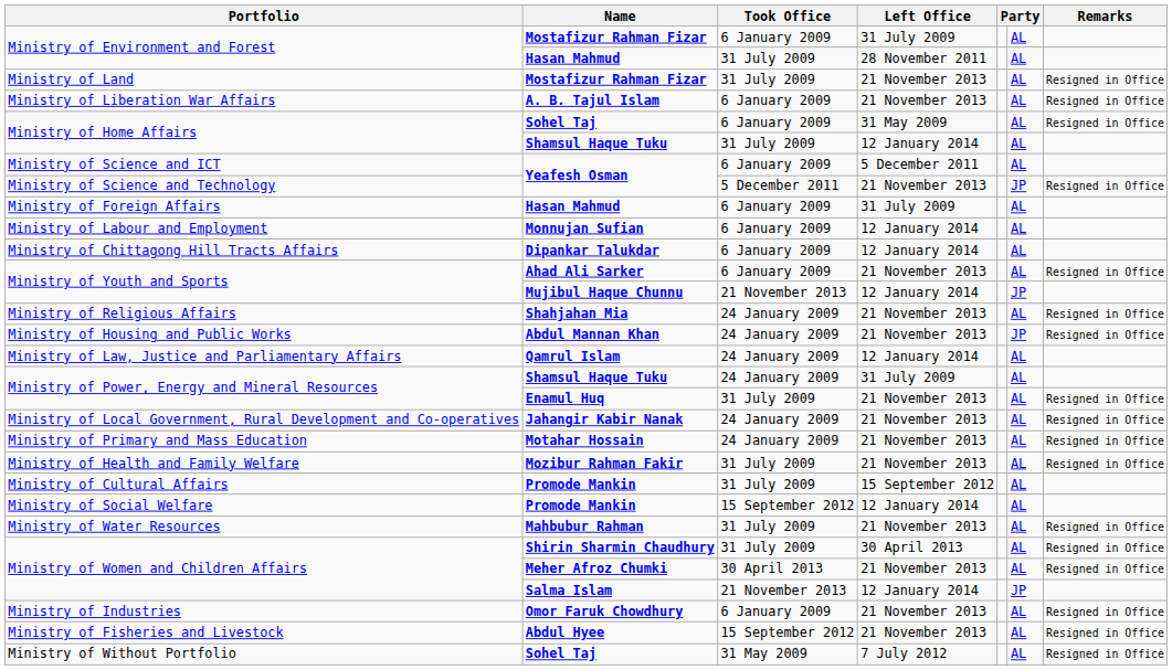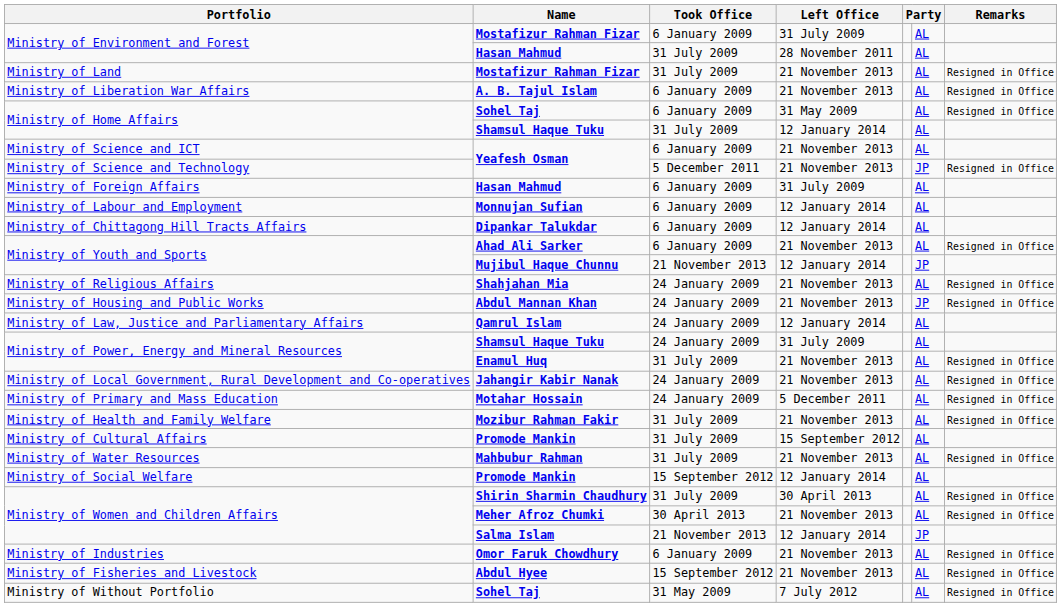 <table class="wikitable sortable">
 <tr>
 <th>Portfolio</th>
 <th>Name</th>
 <th>Took Office</th>
 <th>Left Office</th>
 <th colspan="2">Party</th>
 <th>Remarks</th>
 </tr>
 <tr>
 <td rowspan="2"><a href='#'>Ministry of Environment and Forest</a></td>
 <td><a href='#'><strong>Mostafizur Rahman Fizar</strong></a></td>
 <td>6 January 2009</td>
 <td>31 July 2009</td>
 <td style="background-color:"></td>
 <td><a href='#'>AL</a></td>
 <td></td>
 </tr>
 <tr>
 <td><a href='#'><strong>Hasan Mahmud</strong></a></td>
 <td>31 July 2009</td>
 <td>28 November 2011</td>
 <td style="background-color:"></td>
 <td><a href='#'>AL</a></td>
 <td></td>
 </tr>
 <tr>
 <td><a href='#'>Ministry of Land</a></td>
 <td><a href='#'><strong>Mostafizur Rahman Fizar</strong></a></td>
 <td>31 July 2009</td>
 <td>21 November 2013</td>
 <td style="background-color:"></td>
 <td><a href='#'>AL</a></td>
 <td><small>Resigned in Office</small></td>
 </tr>
 <tr>
 <td><a href='#'>Ministry of Liberation War Affairs</a></td>
 <td><strong><a href='#'>A. B. Tajul Islam</a></strong></td>
 <td>6 January 2009</td>
 <td>21 November 2013</td>
 <td style="background-color:"></td>
 <td><a href='#'>AL</a></td>
 <td><small>Resigned in Office</small></td>
 </tr>
 <tr>
 <td rowspan="2"><a href='#'>Ministry of Home Affairs</a></td>
 <td><strong><a href='#'>Sohel Taj</a></strong></td>
 <td>6 January 2009</td>
 <td>31 May 2009</td>
 <td style="background-color:"></td>
 <td><a href='#'>AL</a></td>
 <td><small>Resigned in Office</small></td>
 </tr>
 <tr>
 <td><a href='#'><strong>Shamsul Haque Tuku</strong></a></td>
 <td>31 July 2009</td>
 <td>12 January 2014</td>
 <td style="background-color:"></td>
 <td><a href='#'>AL</a></td>
 <td></td>
 </tr>
 <tr>
 <td><a href='#'>Ministry of Science and ICT</a></td>
 <td rowspan="2"><strong><a href='#'>Yeafesh Osman</a></strong></td>
 <td>6 January 2009</td>
-<td>5 December 2011</td>
+<td>21 November 2013</td>
 <td style="background-color:"></td>
 <td><a href='#'>AL</a></td>
 <td></td>
 </tr>
 <tr>
 <td><a href='#'>Ministry of Science and Technology</a></td>
 <td>5 December 2011</td>
 <td>21 November 2013</td>
 <td style="background-color:"></td>
 <td><a href='#'>JP</a></td>
 <td><small>Resigned in Office</small></td>
 </tr>
 <tr>
 <td><a href='#'>Ministry of Foreign Affairs</a></td>
 <td><a href='#'><strong>Hasan Mahmud</strong></a></td>
 <td>6 January 2009</td>
 <td>31 July 2009</td>
 <td style="background-color:"></td>
 <td><a href='#'>AL</a></td>
 <td></td>
 </tr>
 <tr>
 <td><a href='#'>Ministry of Labour and Employment</a></td>
 <td><strong><a href='#'>Monnujan Sufian</a></strong></td>
 <td>6 January 2009</td>
 <td>12 January 2014</td>
 <td style="background-color:"></td>
 <td><a href='#'>AL</a></td>
 <td></td>
 </tr>
 <tr>
 <td><a href='#'>Ministry of Chittagong Hill Tracts Affairs</a></td>
 <td><strong><a href='#'>Dipankar Talukdar</a></strong></td>
 <td>6 January 2009</td>
 <td>12 January 2014</td>
 <td style="background-color:"></td>
 <td><a href='#'>AL</a></td>
 <td></td>
 </tr>
 <tr>
 <td rowspan="2"><a href='#'>Ministry of Youth and Sports</a></td>
 <td><strong><a href='#'>Ahad Ali Sarker</a></strong></td>
 <td>6 January 2009</td>
 <td>21 November 2013</td>
 <td style="background-color:"></td>
 <td><a href='#'>AL</a></td>
 <td><small>Resigned in Office</small></td>
 </tr>
 <tr>
 <td><a href='#'><strong>Mujibul Haque Chunnu</strong></a></td>
 <td>21 November 2013</td>
 <td>12 January 2014</td>
 <td style="background-color:"></td>
 <td><a href='#'>JP</a></td>
 <td></td>
 </tr>
 <tr>
 <td><a href='#'>Ministry of Religious Affairs</a></td>
 <td><strong><a href='#'>Shahjahan Mia</a></strong></td>
 <td>24 January 2009</td>
 <td>21 November 2013</td>
 <td style="background-color:"></td>
 <td><a href='#'>AL</a></td>
 <td><small>Resigned in Office</small></td>
 </tr>
 <tr>
 <td><a href='#'>Ministry of Housing and Public Works</a></td>
 <td><strong><a href='#'>Abdul Mannan Khan</a></strong></td>
 <td>24 January 2009</td>
 <td>21 November 2013</td>
 <td style="background-color:"></td>
 <td><a href='#'>JP</a></td>
 <td><small>Resigned in Office</small></td>
 </tr>
 <tr>
 <td><a href='#'>Ministry of Law, Justice and Parliamentary Affairs</a></td>
 <td><strong><a href='#'>Qamrul Islam</a></strong></td>
 <td>24 January 2009</td>
 <td>12 January 2014</td>
 <td style="background-color:"></td>
 <td><a href='#'>AL</a></td>
 <td></td>
 </tr>
 <tr>
 <td rowspan="2"><a href='#'>Ministry of Power, Energy and Mineral Resources</a></td>
 <td><a href='#'><strong>Shamsul Haque Tuku</strong></a></td>
 <td>24 January 2009</td>
 <td>31 July 2009</td>
 <td style="background-color:"></td>
 <td><a href='#'>AL</a></td>
 <td></td>
 </tr>
 <tr>
 <td><a href='#'><strong>Enamul Huq</strong></a></td>
 <td>31 July 2009</td>
 <td>21 November 2013</td>
 <td style="background-color:"></td>
 <td><a href='#'>AL</a></td>
 <td><small>Resigned in Office</small></td>
 </tr>
 <tr>
 <td><a href='#'>Ministry of Local Government, Rural Development and Co-operatives</a></td>
 <td><strong><a href='#'>Jahangir Kabir Nanak</a></strong></td>
 <td>24 January 2009</td>
 <td>21 November 2013</td>
 <td style="background-color:"></td>
 <td><a href='#'>AL</a></td>
 <td><small>Resigned in Office</small></td>
 </tr>
 <tr>
 <td><a href='#'>Ministry of Primary and Mass Education</a></td>
 <td><a href='#'><strong>Motahar Hossain</strong></a></td>
 <td>24 January 2009</td>
-<td>21 November 2013</td>
+<td>5 December 2011</td>
 <td style="background-color:"></td>
 <td><a href='#'>AL</a></td>
 <td><small>Resigned in Office</small></td>
 </tr>
 <tr>
 <td><a href='#'>Ministry of Health and Family Welfare</a></td>
 <td><strong><a href='#'>Mozibur Rahman Fakir</a></strong></td>
 <td>31 July 2009</td>
 <td>21 November 2013</td>
 <td style="background-color:"></td>
 <td><a href='#'>AL</a></td>
 <td><small>Resigned in Office</small></td>
 </tr>
 <tr>
 <td><a href='#'>Ministry of Cultural Affairs</a></td>
 <td><strong><a href='#'>Promode Mankin</a></strong></td>
 <td>31 July 2009</td>
 <td>15 September 2012</td>
 <td style="background-color:"></td>
 <td><a href='#'>AL</a></td>
 <td></td>
 </tr>
 <tr>
+<td><a href='#'>Ministry of Water Resources</a></td>
+<td><a href='#'><strong>Mahbubur Rahman</strong></a></td>
+<td>31 July 2009</td>
+<td>21 November 2013</td>
+<td style="background-color:"></td>
+<td><a href='#'>AL</a></td>
+<td><small>Resigned in Office</small></td>
+</tr>
+<tr>
 <td><a href='#'>Ministry of Social Welfare</a></td>
 <td><strong><a href='#'>Promode Mankin</a></strong></td>
 <td>15 September 2012</td>
 <td>12 January 2014</td>
 <td style="background-color:"></td>
 <td><a href='#'>AL</a></td>
 <td></td>
-</tr>
-<tr>
-<td><a href='#'>Ministry of Water Resources</a></td>
-<td><a href='#'><strong>Mahbubur Rahman</strong></a></td>
-<td>31 July 2009</td>
-<td>21 November 2013</td>
-<td style="background-color:"></td>
-<td><a href='#'>AL</a></td>
-<td><small>Resigned in Office</small></td>
 </tr>
 <tr>
 <td rowspan="3"><a href='#'>Ministry of Women and Children Affairs</a></td>
 <td><strong><a href='#'>Shirin Sharmin Chaudhury</a></strong></td>
 <td>31 July 2009</td>
 <td>30 April 2013</td>
 <td style="background-color:"></td>
 <td><a href='#'>AL</a></td>
 <td><small>Resigned in Office</small></td>
 </tr>
 <tr>
 <td><strong><a href='#'>Meher Afroz Chumki</a></strong></td>
 <td>30 April 2013</td>
 <td>21 November 2013</td>
 <td style="background-color:"></td>
 <td><a href='#'>AL</a></td>
 <td><small>Resigned in Office</small></td>
 </tr>
 <tr>
 <td><strong><a href='#'>Salma Islam</a></strong></td>
 <td>21 November 2013</td>
 <td>12 January 2014</td>
 <td style="background-color:"></td>
 <td><a href='#'>JP</a></td>
 <td></td>
 </tr>
 <tr>
 <td><a href='#'>Ministry of Industries</a></td>
 <td><strong><a href='#'>Omor Faruk Chowdhury</a></strong></td>
 <td>6 January 2009</td>
 <td>21 November 2013</td>
 <td style="background-color:"></td>
 <td><a href='#'>AL</a></td>
 <td><small>Resigned in Office</small></td>
 </tr>
 <tr>
 <td><a href='#'>Ministry of Fisheries and Livestock</a></td>
 <td><strong><a href='#'>Abdul Hyee</a></strong></td>
 <td>15 September 2012</td>
 <td>21 November 2013</td>
 <td style="background-color:"></td>
 <td><a href='#'>AL</a></td>
 <td><small>Resigned in Office</small></td>
 </tr>
 <tr>
 <td>Ministry of Without Portfolio</td>
 <td><strong><a href='#'>Sohel Taj</a></strong></td>
 <td>31 May 2009</td>
 <td>7 July 2012</td>
 <td style="background-color:"></td>
 <td><a href='#'>AL</a></td>
 <td><small>Resigned in Office</small></td>
 </tr>
 </table>
